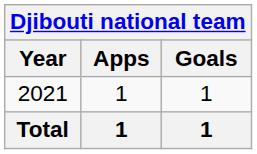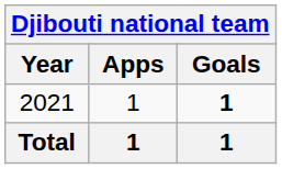 <table class="wikitable" style="text-align:center">
 <tr>
 <th colspan=3><a href='#'>Djibouti national team</a></th>
 </tr>
 <tr>
 <th>Year</th>
 <th>Apps</th>
 <th>Goals</th>
 </tr>
 <tr>
 <td>2021</td>
 <td>1</td>
-<td>1</td>
+<td><strong>1</strong></td>
 </tr>
 <tr>
 <th>Total</th>
 <th>1</th>
 <th>1</th>
 </tr>
 </table>
